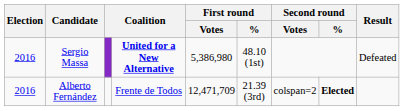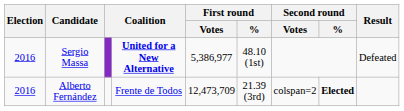 <table class=wikitable style=text-align:center>
 <tr>
 <th rowspan=2>Election</th>
 <th rowspan=2>Candidate</th>
 <th rowspan=2 colspan=2>Coalition</th>
 <th colspan=2>First round</th>
 <th colspan=2>Second round</th>
 <th rowspan=2>Result</th>
 </tr>
 <tr>
 <th>Votes</th>
 <th>%</th>
 <th>Votes</th>
 <th>%</th>
 </tr>
 <tr>
 <td><a href='#'>2016</a></td>
 <td><a href='#'>Sergio Massa</a></td>
 <td bgcolor=#8429C3> </td>
 <td><strong><a href='#'>United for a New Alternative</a></strong></td>
-<td>5,386,980</td>
+<td>5,386,977</td>
 <td>48.10 (1st)</td>
 <td colspan="2"></td>
 <td> Defeated</td>
 </tr>
 <tr>
 <td><a href='#'>2016</a></td>
 <td><a href='#'>Alberto Fernández</a></td>
 <td bgcolor=> </td>
 <td><a href='#'>Frente de Todos</a></td>
-<td>12,471,709</td>
+<td>12,473,709</td>
 <td>21.39	(3rd)</td>
 <td>colspan=2 </td>
 <td> <strong>Elected</strong></td>
 </tr>
 </table>
